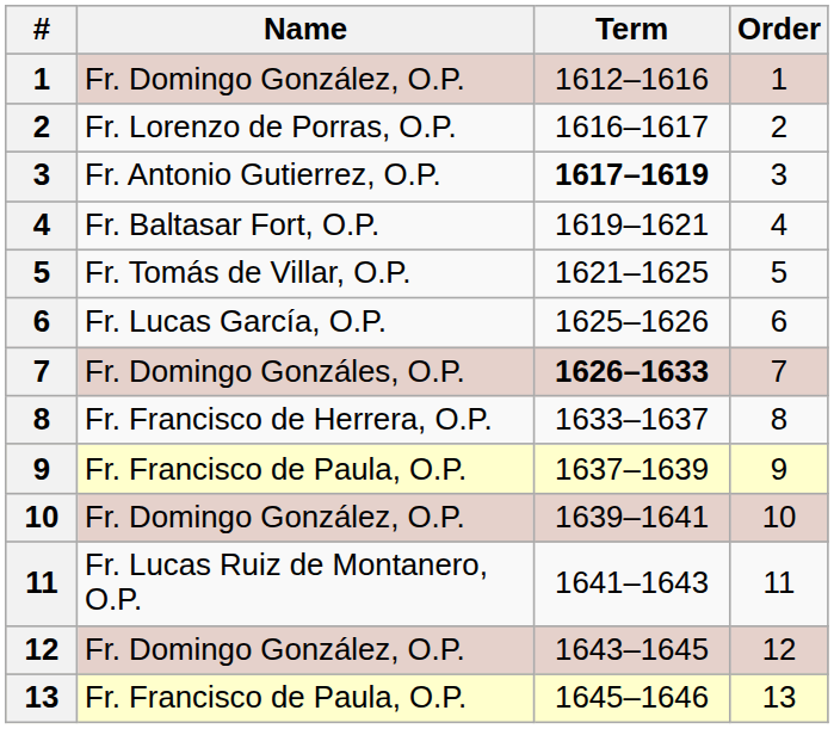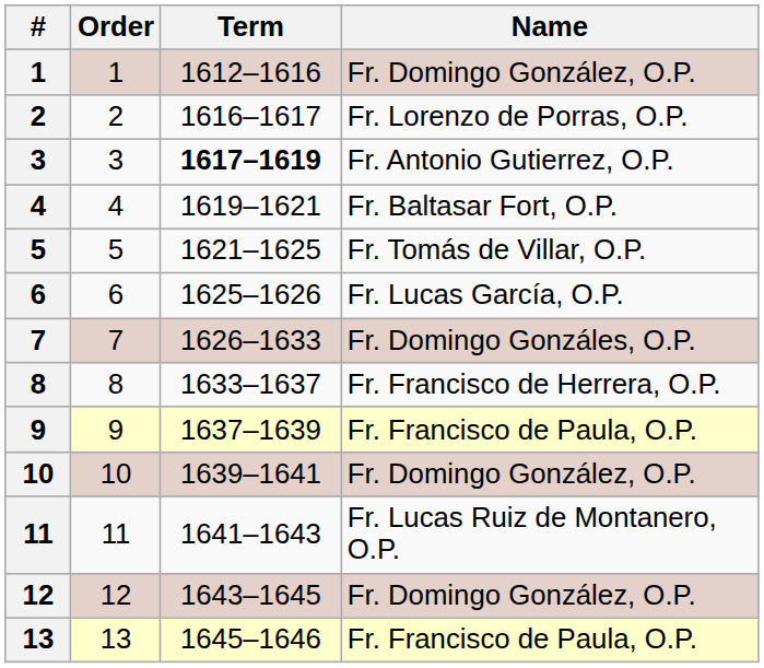 <table class="wikitable" style="font-size: 100%; text-align:center;">
 <tr>
 <th width="30px">#</th>
+<th>Order</th>
+<th width="95px">Term</th>
 <th width="230px">Name</th>
-<th width="95px">Term</th>
-<th>Order</th>
 </tr>
 <tr bgcolor="#e5d1cb">
 <th>1</th>
+<td>1</td>
+<td>1612–1616</td>
 <td align="left">Fr. Domingo González, O.P. </td>
-<td>1612–1616</td>
-<td>1</td>
 </tr>
 <tr>
 <th>2</th>
+<td>2</td>
+<td>1616–1617</td>
 <td align="left">Fr. Lorenzo de Porras, O.P.</td>
-<td>1616–1617</td>
-<td>2</td>
 </tr>
 <tr>
 <th>3</th>
+<td>3</td>
+<td><strong>1617–1619</strong></td>
 <td align="left">Fr. Antonio Gutierrez, O.P.</td>
-<td><strong>1617–1619</strong></td>
-<td>3</td>
 </tr>
 <tr>
 <th>4</th>
+<td>4</td>
+<td>1619–1621</td>
 <td align="left">Fr. Baltasar Fort, O.P.</td>
-<td>1619–1621</td>
-<td>4</td>
 </tr>
 <tr>
 <th>5</th>
+<td>5</td>
+<td>1621–1625</td>
 <td align="left">Fr. Tomás de Villar, O.P.</td>
-<td>1621–1625</td>
-<td>5</td>
 </tr>
 <tr>
 <th>6</th>
+<td>6</td>
+<td>1625–1626</td>
 <td align="left">Fr. Lucas García, O.P.</td>
-<td>1625–1626</td>
-<td>6</td>
 </tr>
 <tr bgcolor="#e5d1cb">
 <th>7</th>
+<td>7</td>
+<td>1626–1633</td>
 <td align="left">Fr. Domingo Gonzáles, O.P. </td>
-<td><strong>1626–1633</strong></td>
-<td>7</td>
 </tr>
 <tr>
 <th>8</th>
+<td>8</td>
+<td>1633–1637</td>
 <td align="left">Fr. Francisco de Herrera, O.P.</td>
-<td>1633–1637</td>
-<td>8</td>
 </tr>
 <tr bgcolor="#ffffcc">
 <th>9</th>
+<td>9</td>
+<td>1637–1639</td>
 <td align="left">Fr. Francisco de Paula, O.P. </td>
-<td>1637–1639</td>
-<td>9</td>
 </tr>
 <tr bgcolor="#e5d1cb">
 <th>10</th>
+<td>10</td>
+<td>1639–1641</td>
 <td align="left">Fr. Domingo González, O.P. </td>
-<td>1639–1641</td>
-<td>10</td>
 </tr>
 <tr>
 <th>11</th>
+<td>11</td>
+<td>1641–1643</td>
 <td align="left">Fr. Lucas Ruiz de Montanero, O.P.</td>
-<td>1641–1643</td>
-<td>11</td>
 </tr>
 <tr bgcolor="#e5d1cb">
 <th>12</th>
+<td>12</td>
+<td>1643–1645</td>
 <td align="left">Fr. Domingo González, O.P. </td>
-<td>1643–1645</td>
-<td>12</td>
 </tr>
 <tr bgcolor="#ffffcc">
 <th>13</th>
+<td>13</td>
+<td>1645–1646</td>
 <td align="left">Fr. Francisco de Paula, O.P. </td>
-<td>1645–1646</td>
-<td>13</td>
 </tr>
 </table>
